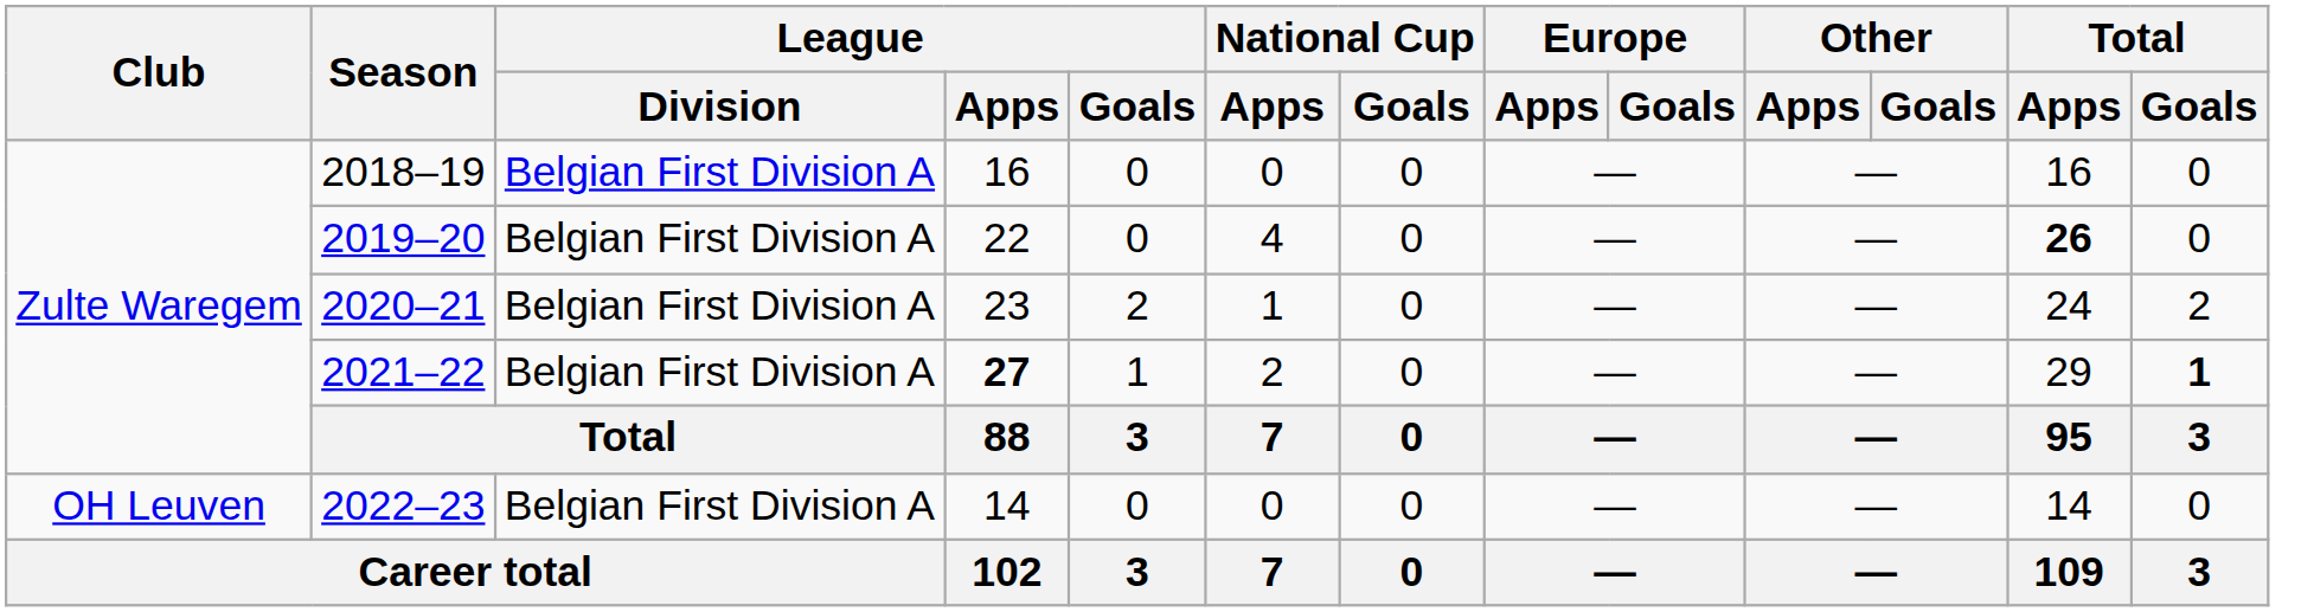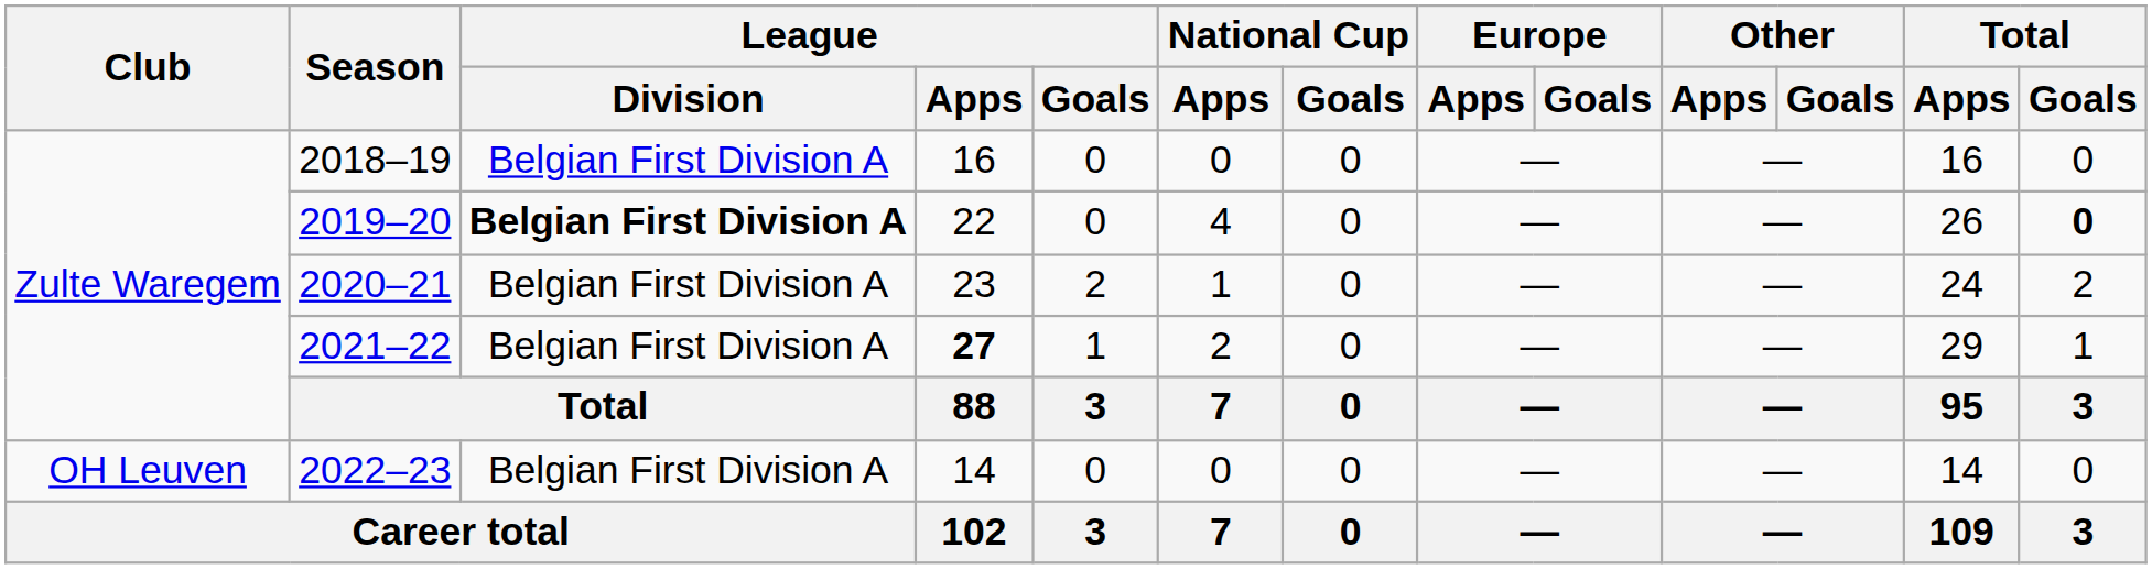 <table class=wikitable style=text-align:center>
 <tr>
 <th rowspan="2">Club</th>
 <th rowspan="2">Season</th>
 <th colspan="3">League</th>
 <th colspan="2">National Cup</th>
 <th colspan="2">Europe</th>
 <th colspan="2">Other</th>
 <th colspan="2">Total</th>
 </tr>
 <tr>
 <th>Division</th>
 <th>Apps</th>
 <th>Goals</th>
 <th>Apps</th>
 <th>Goals</th>
 <th>Apps</th>
 <th>Goals</th>
 <th>Apps</th>
 <th>Goals</th>
 <th>Apps</th>
 <th>Goals</th>
 </tr>
 <tr>
 <td rowspan="5"><a href='#'>Zulte Waregem</a></td>
 <td>2018–19</td>
 <td><a href='#'>Belgian First Division A</a></td>
 <td>16</td>
 <td>0</td>
 <td>0</td>
 <td>0</td>
 <td colspan="2">—</td>
 <td colspan="2">—</td>
 <td>16</td>
 <td>0</td>
 </tr>
 <tr>
 <td><a href='#'>2019–20</a></td>
-<td>Belgian First Division A</td>
+<td><strong>Belgian First Division A</strong></td>
 <td>22</td>
 <td>0</td>
 <td>4</td>
 <td>0</td>
 <td colspan="2">—</td>
 <td colspan="2">—</td>
-<td><strong>26</strong></td>
-<td>0</td>
+<td>26</td>
+<td><strong>0</strong></td>
 </tr>
 <tr>
 <td><a href='#'>2020–21</a></td>
 <td>Belgian First Division A</td>
 <td>23</td>
 <td>2</td>
 <td>1</td>
 <td>0</td>
 <td colspan="2">—</td>
 <td colspan="2">—</td>
 <td>24</td>
 <td>2</td>
 </tr>
 <tr>
 <td><a href='#'>2021–22</a></td>
 <td>Belgian First Division A</td>
 <td><strong>27</strong></td>
 <td>1</td>
 <td>2</td>
 <td>0</td>
 <td colspan="2">—</td>
 <td colspan="2">—</td>
 <td>29</td>
-<td><strong>1</strong></td>
+<td>1</td>
 </tr>
 <tr>
 <th colspan="2">Total</th>
 <th>88</th>
 <th>3</th>
 <th>7</th>
 <th>0</th>
 <th colspan="2">—</th>
 <th colspan="2">—</th>
 <th>95</th>
 <th>3</th>
 </tr>
 <tr>
 <td><a href='#'>OH Leuven</a></td>
 <td><a href='#'>2022–23</a></td>
 <td>Belgian First Division A</td>
 <td>14</td>
 <td>0</td>
 <td>0</td>
 <td>0</td>
 <td colspan="2">—</td>
 <td colspan="2">—</td>
 <td>14</td>
 <td>0</td>
 </tr>
 <tr>
 <th colspan="3">Career total</th>
 <th>102</th>
 <th>3</th>
 <th>7</th>
 <th>0</th>
 <th colspan="2">—</th>
 <th colspan="2">—</th>
 <th>109</th>
 <th>3</th>
 </tr>
 </table>
